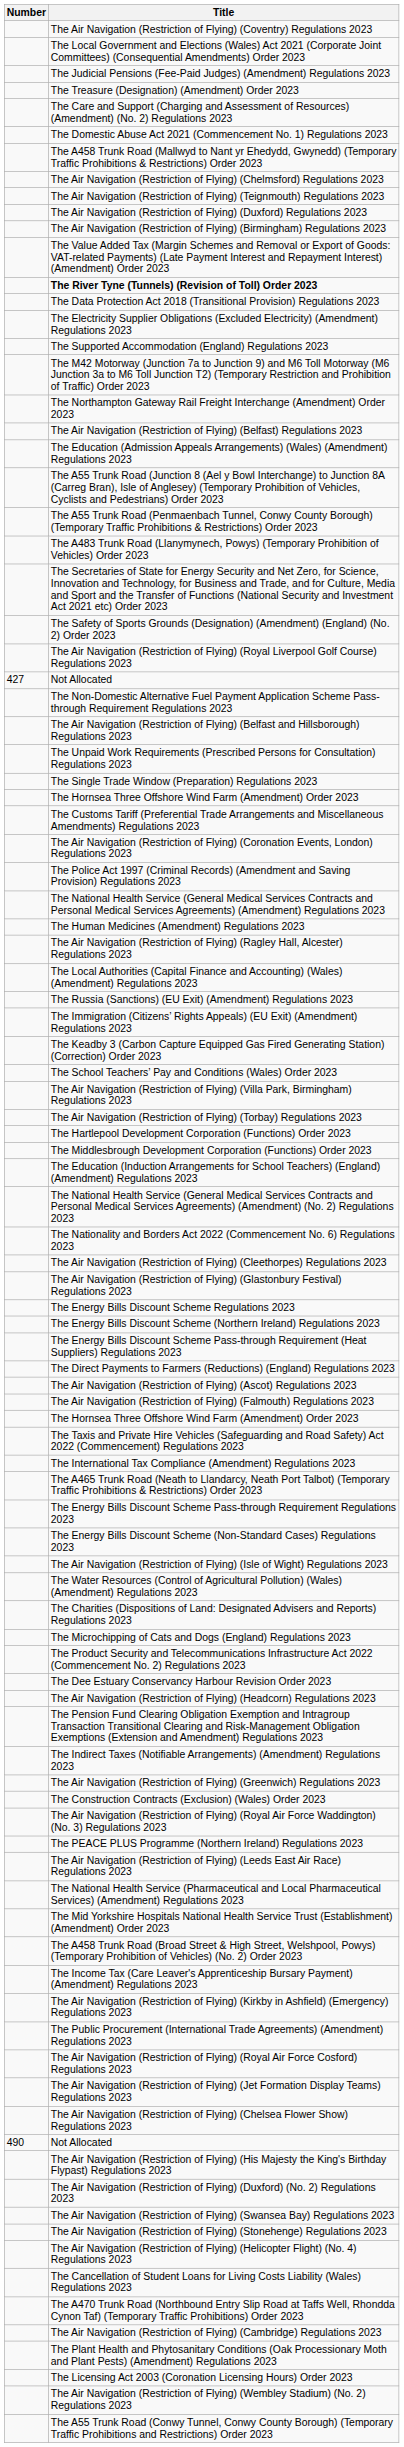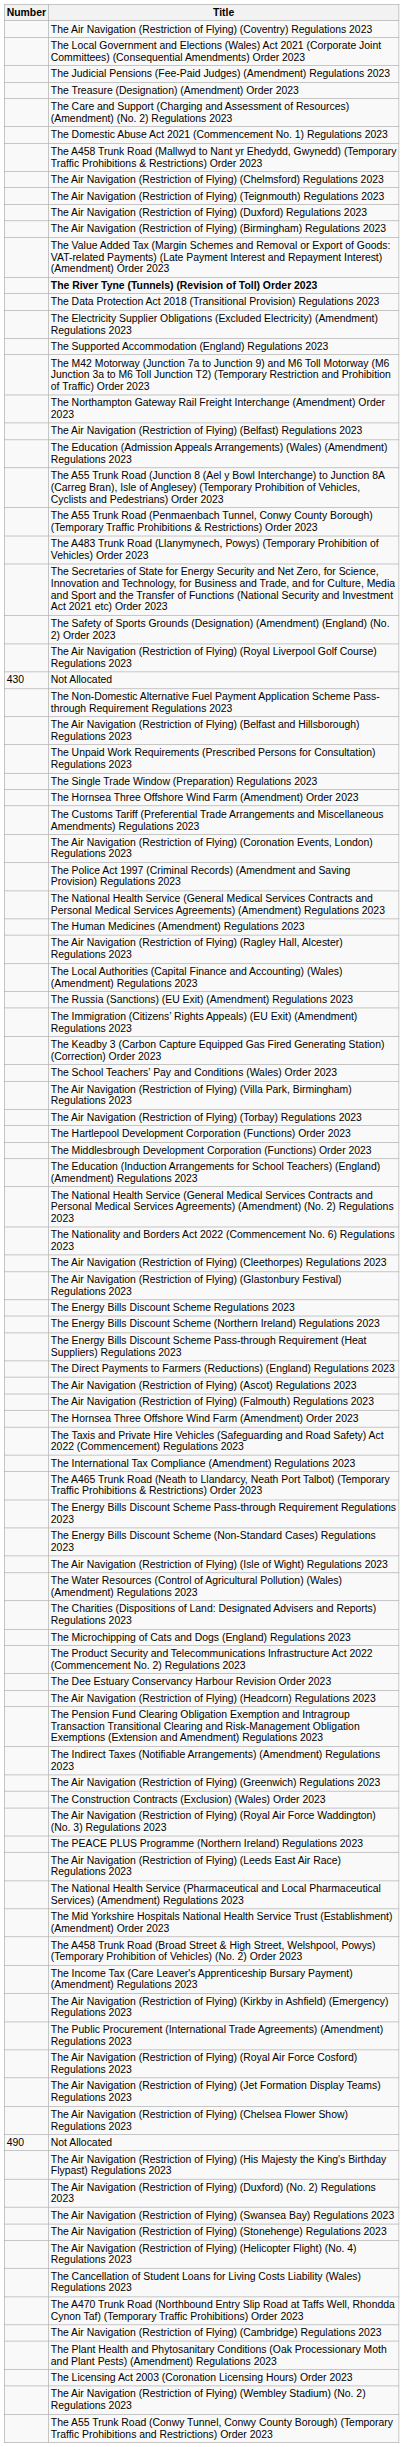 <table class="wikitable collapsible">
 <tr>
 <th>Number</th>
 <th>Title</th>
 </tr>
 <tr>
 <td></td>
 <td>The Air Navigation (Restriction of Flying) (Coventry) Regulations 2023</td>
 </tr>
 <tr>
 <td></td>
 <td>The Local Government and Elections (Wales) Act 2021 (Corporate Joint Committees) (Consequential Amendments) Order 2023</td>
 </tr>
 <tr>
 <td></td>
 <td>The Judicial Pensions (Fee-Paid Judges) (Amendment) Regulations 2023</td>
 </tr>
 <tr>
 <td></td>
 <td>The Treasure (Designation) (Amendment) Order 2023</td>
 </tr>
 <tr>
 <td></td>
 <td>The Care and Support (Charging and Assessment of Resources) (Amendment) (No. 2) Regulations 2023</td>
 </tr>
 <tr>
 <td></td>
 <td>The Domestic Abuse Act 2021 (Commencement No. 1) Regulations 2023</td>
 </tr>
 <tr>
 <td></td>
 <td>The A458 Trunk Road (Mallwyd to Nant yr Ehedydd, Gwynedd) (Temporary Traffic Prohibitions & Restrictions) Order 2023</td>
 </tr>
 <tr>
 <td></td>
 <td>The Air Navigation (Restriction of Flying) (Chelmsford) Regulations 2023</td>
 </tr>
 <tr>
 <td></td>
 <td>The Air Navigation (Restriction of Flying) (Teignmouth) Regulations 2023</td>
 </tr>
 <tr>
 <td></td>
 <td>The Air Navigation (Restriction of Flying) (Duxford) Regulations 2023</td>
 </tr>
 <tr>
 <td></td>
 <td>The Air Navigation (Restriction of Flying) (Birmingham) Regulations 2023</td>
 </tr>
 <tr>
 <td></td>
 <td>The Value Added Tax (Margin Schemes and Removal or Export of Goods: VAT-related Payments) (Late Payment Interest and Repayment Interest) (Amendment) Order 2023</td>
 </tr>
 <tr>
 <td></td>
 <td><strong>The River Tyne (Tunnels) (Revision of Toll) Order 2023</strong></td>
 </tr>
 <tr>
 <td></td>
 <td>The Data Protection Act 2018 (Transitional Provision) Regulations 2023</td>
 </tr>
 <tr>
 <td></td>
 <td>The Electricity Supplier Obligations (Excluded Electricity) (Amendment) Regulations 2023</td>
 </tr>
 <tr>
 <td></td>
 <td>The Supported Accommodation (England) Regulations 2023</td>
 </tr>
 <tr>
 <td></td>
 <td>The M42 Motorway (Junction 7a to Junction 9) and M6 Toll Motorway (M6 Junction 3a to M6 Toll Junction T2) (Temporary Restriction and Prohibition of Traffic) Order 2023</td>
 </tr>
 <tr>
 <td></td>
 <td>The Northampton Gateway Rail Freight Interchange (Amendment) Order 2023</td>
 </tr>
 <tr>
 <td></td>
 <td>The Air Navigation (Restriction of Flying) (Belfast) Regulations 2023</td>
 </tr>
 <tr>
 <td></td>
 <td>The Education (Admission Appeals Arrangements) (Wales) (Amendment) Regulations 2023</td>
 </tr>
 <tr>
 <td></td>
 <td>The A55 Trunk Road (Junction 8 (Ael y Bowl Interchange) to Junction 8A (Carreg Bran), Isle of Anglesey) (Temporary Prohibition of Vehicles, Cyclists and Pedestrians) Order 2023</td>
 </tr>
 <tr>
 <td></td>
 <td>The A55 Trunk Road (Penmaenbach Tunnel, Conwy County Borough) (Temporary Traffic Prohibitions & Restrictions) Order 2023</td>
 </tr>
 <tr>
 <td></td>
 <td>The A483 Trunk Road (Llanymynech, Powys) (Temporary Prohibition of Vehicles) Order 2023</td>
 </tr>
 <tr>
 <td></td>
 <td>The Secretaries of State for Energy Security and Net Zero, for Science, Innovation and Technology, for Business and Trade, and for Culture, Media and Sport and the Transfer of Functions (National Security and Investment Act 2021 etc) Order 2023</td>
 </tr>
 <tr>
 <td></td>
 <td>The Safety of Sports Grounds (Designation) (Amendment) (England) (No. 2) Order 2023</td>
 </tr>
 <tr>
 <td></td>
 <td>The Air Navigation (Restriction of Flying) (Royal Liverpool Golf Course) Regulations 2023</td>
 </tr>
 <tr>
-<td>427</td>
+<td>430</td>
 <td>Not Allocated</td>
 </tr>
 <tr>
 <td></td>
 <td>The Non-Domestic Alternative Fuel Payment Application Scheme Pass-through Requirement Regulations 2023</td>
 </tr>
 <tr>
 <td></td>
 <td>The Air Navigation (Restriction of Flying) (Belfast and Hillsborough) Regulations 2023</td>
 </tr>
 <tr>
 <td></td>
 <td>The Unpaid Work Requirements (Prescribed Persons for Consultation) Regulations 2023</td>
 </tr>
 <tr>
 <td></td>
 <td>The Single Trade Window (Preparation) Regulations 2023</td>
 </tr>
 <tr>
 <td></td>
 <td>The Hornsea Three Offshore Wind Farm (Amendment) Order 2023</td>
 </tr>
 <tr>
 <td></td>
 <td>The Customs Tariff (Preferential Trade Arrangements and Miscellaneous Amendments) Regulations 2023</td>
 </tr>
 <tr>
 <td></td>
 <td>The Air Navigation (Restriction of Flying) (Coronation Events, London) Regulations 2023</td>
 </tr>
 <tr>
 <td></td>
 <td>The Police Act 1997 (Criminal Records) (Amendment and Saving Provision) Regulations 2023</td>
 </tr>
 <tr>
 <td></td>
 <td>The National Health Service (General Medical Services Contracts and Personal Medical Services Agreements) (Amendment) Regulations 2023</td>
 </tr>
 <tr>
 <td></td>
 <td>The Human Medicines (Amendment) Regulations 2023</td>
 </tr>
 <tr>
 <td></td>
 <td>The Air Navigation (Restriction of Flying) (Ragley Hall, Alcester) Regulations 2023</td>
 </tr>
 <tr>
 <td></td>
 <td>The Local Authorities (Capital Finance and Accounting) (Wales) (Amendment) Regulations 2023</td>
 </tr>
 <tr>
 <td></td>
 <td>The Russia (Sanctions) (EU Exit) (Amendment) Regulations 2023</td>
 </tr>
 <tr>
 <td></td>
 <td>The Immigration (Citizens’ Rights Appeals) (EU Exit) (Amendment) Regulations 2023</td>
 </tr>
 <tr>
 <td></td>
 <td>The Keadby 3 (Carbon Capture Equipped Gas Fired Generating Station) (Correction) Order 2023</td>
 </tr>
 <tr>
 <td></td>
 <td>The School Teachers’ Pay and Conditions (Wales) Order 2023</td>
 </tr>
 <tr>
 <td></td>
 <td>The Air Navigation (Restriction of Flying) (Villa Park, Birmingham) Regulations 2023</td>
 </tr>
 <tr>
 <td></td>
 <td>The Air Navigation (Restriction of Flying) (Torbay) Regulations 2023</td>
 </tr>
 <tr>
 <td></td>
 <td>The Hartlepool Development Corporation (Functions) Order 2023</td>
 </tr>
 <tr>
 <td></td>
 <td>The Middlesbrough Development Corporation (Functions) Order 2023</td>
 </tr>
 <tr>
 <td></td>
 <td>The Education (Induction Arrangements for School Teachers) (England) (Amendment) Regulations 2023</td>
 </tr>
 <tr>
 <td></td>
 <td>The National Health Service (General Medical Services Contracts and Personal Medical Services Agreements) (Amendment) (No. 2) Regulations 2023</td>
 </tr>
 <tr>
 <td></td>
 <td>The Nationality and Borders Act 2022 (Commencement No. 6) Regulations 2023</td>
 </tr>
 <tr>
 <td></td>
 <td>The Air Navigation (Restriction of Flying) (Cleethorpes) Regulations 2023</td>
 </tr>
 <tr>
 <td></td>
 <td>The Air Navigation (Restriction of Flying) (Glastonbury Festival) Regulations 2023</td>
 </tr>
 <tr>
 <td></td>
 <td>The Energy Bills Discount Scheme Regulations 2023</td>
 </tr>
 <tr>
 <td></td>
 <td>The Energy Bills Discount Scheme (Northern Ireland) Regulations 2023</td>
 </tr>
 <tr>
 <td></td>
 <td>The Energy Bills Discount Scheme Pass-through Requirement (Heat Suppliers) Regulations 2023</td>
 </tr>
 <tr>
 <td></td>
 <td>The Direct Payments to Farmers (Reductions) (England) Regulations 2023</td>
 </tr>
 <tr>
 <td></td>
 <td>The Air Navigation (Restriction of Flying) (Ascot) Regulations 2023</td>
 </tr>
 <tr>
 <td></td>
 <td>The Air Navigation (Restriction of Flying) (Falmouth) Regulations 2023</td>
 </tr>
 <tr>
 <td></td>
 <td>The Hornsea Three Offshore Wind Farm (Amendment) Order 2023</td>
 </tr>
 <tr>
 <td></td>
 <td>The Taxis and Private Hire Vehicles (Safeguarding and Road Safety) Act 2022 (Commencement) Regulations 2023</td>
 </tr>
 <tr>
 <td></td>
 <td>The International Tax Compliance (Amendment) Regulations 2023</td>
 </tr>
 <tr>
 <td></td>
 <td>The A465 Trunk Road (Neath to Llandarcy, Neath Port Talbot) (Temporary Traffic Prohibitions & Restrictions) Order 2023</td>
 </tr>
 <tr>
 <td></td>
 <td>The Energy Bills Discount Scheme Pass-through Requirement Regulations 2023</td>
 </tr>
 <tr>
 <td></td>
 <td>The Energy Bills Discount Scheme (Non-Standard Cases) Regulations 2023</td>
 </tr>
 <tr>
 <td></td>
 <td>The Air Navigation (Restriction of Flying) (Isle of Wight) Regulations 2023</td>
 </tr>
 <tr>
 <td></td>
 <td>The Water Resources (Control of Agricultural Pollution) (Wales) (Amendment) Regulations 2023</td>
 </tr>
 <tr>
 <td></td>
 <td>The Charities (Dispositions of Land: Designated Advisers and Reports) Regulations 2023</td>
 </tr>
 <tr>
 <td></td>
 <td>The Microchipping of Cats and Dogs (England) Regulations 2023</td>
 </tr>
 <tr>
 <td></td>
 <td>The Product Security and Telecommunications Infrastructure Act 2022 (Commencement No. 2) Regulations 2023</td>
 </tr>
 <tr>
 <td></td>
 <td>The Dee Estuary Conservancy Harbour Revision Order 2023</td>
 </tr>
 <tr>
 <td></td>
 <td>The Air Navigation (Restriction of Flying) (Headcorn) Regulations 2023</td>
 </tr>
 <tr>
 <td></td>
 <td>The Pension Fund Clearing Obligation Exemption and Intragroup Transaction Transitional Clearing and Risk-Management Obligation Exemptions (Extension and Amendment) Regulations 2023</td>
 </tr>
 <tr>
 <td></td>
 <td>The Indirect Taxes (Notifiable Arrangements) (Amendment) Regulations 2023</td>
 </tr>
 <tr>
 <td></td>
 <td>The Air Navigation (Restriction of Flying) (Greenwich) Regulations 2023</td>
 </tr>
 <tr>
 <td></td>
 <td>The Construction Contracts (Exclusion) (Wales) Order 2023</td>
 </tr>
 <tr>
 <td></td>
 <td>The Air Navigation (Restriction of Flying) (Royal Air Force Waddington) (No. 3) Regulations 2023</td>
 </tr>
 <tr>
 <td></td>
 <td>The PEACE PLUS Programme (Northern Ireland) Regulations 2023</td>
 </tr>
 <tr>
 <td></td>
 <td>The Air Navigation (Restriction of Flying) (Leeds East Air Race) Regulations 2023</td>
 </tr>
 <tr>
 <td></td>
 <td>The National Health Service (Pharmaceutical and Local Pharmaceutical Services) (Amendment) Regulations 2023</td>
 </tr>
 <tr>
 <td></td>
 <td>The Mid Yorkshire Hospitals National Health Service Trust (Establishment) (Amendment) Order 2023</td>
 </tr>
 <tr>
 <td></td>
 <td>The A458 Trunk Road (Broad Street & High Street, Welshpool, Powys) (Temporary Prohibition of Vehicles) (No. 2) Order 2023</td>
 </tr>
 <tr>
 <td></td>
 <td>The Income Tax (Care Leaver's Apprenticeship Bursary Payment) (Amendment) Regulations 2023</td>
 </tr>
 <tr>
 <td></td>
 <td>The Air Navigation (Restriction of Flying) (Kirkby in Ashfield) (Emergency) Regulations 2023</td>
 </tr>
 <tr>
 <td></td>
 <td>The Public Procurement (International Trade Agreements) (Amendment) Regulations 2023</td>
 </tr>
 <tr>
 <td></td>
 <td>The Air Navigation (Restriction of Flying) (Royal Air Force Cosford) Regulations 2023</td>
 </tr>
 <tr>
 <td></td>
 <td>The Air Navigation (Restriction of Flying) (Jet Formation Display Teams) Regulations 2023</td>
 </tr>
 <tr>
 <td></td>
 <td>The Air Navigation (Restriction of Flying) (Chelsea Flower Show) Regulations 2023</td>
 </tr>
 <tr>
 <td>490</td>
 <td>Not Allocated</td>
 </tr>
 <tr>
 <td></td>
 <td>The Air Navigation (Restriction of Flying) (His Majesty the King's Birthday Flypast) Regulations 2023</td>
 </tr>
 <tr>
 <td></td>
 <td>The Air Navigation (Restriction of Flying) (Duxford) (No. 2) Regulations 2023</td>
 </tr>
 <tr>
 <td></td>
 <td>The Air Navigation (Restriction of Flying) (Swansea Bay) Regulations 2023</td>
 </tr>
 <tr>
 <td></td>
 <td>The Air Navigation (Restriction of Flying) (Stonehenge) Regulations 2023</td>
 </tr>
 <tr>
 <td></td>
 <td>The Air Navigation (Restriction of Flying) (Helicopter Flight) (No. 4) Regulations 2023</td>
 </tr>
 <tr>
 <td></td>
 <td>The Cancellation of Student Loans for Living Costs Liability (Wales) Regulations 2023</td>
 </tr>
 <tr>
 <td></td>
 <td>The A470 Trunk Road (Northbound Entry Slip Road at Taffs Well, Rhondda Cynon Taf) (Temporary Traffic Prohibitions) Order 2023</td>
 </tr>
 <tr>
 <td></td>
 <td>The Air Navigation (Restriction of Flying) (Cambridge) Regulations 2023</td>
 </tr>
 <tr>
 <td></td>
 <td>The Plant Health and Phytosanitary Conditions (Oak Processionary Moth and Plant Pests) (Amendment) Regulations 2023</td>
 </tr>
 <tr>
 <td></td>
 <td>The Licensing Act 2003 (Coronation Licensing Hours) Order 2023</td>
 </tr>
 <tr>
 <td></td>
 <td>The Air Navigation (Restriction of Flying) (Wembley Stadium) (No. 2) Regulations 2023</td>
 </tr>
 <tr>
 <td></td>
 <td>The A55 Trunk Road (Conwy Tunnel, Conwy County Borough) (Temporary Traffic Prohibitions and Restrictions) Order 2023</td>
 </tr>
 </table>
